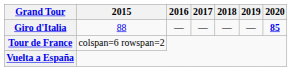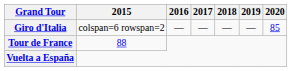 <table class="wikitable plainrowheaders">
 <tr>
 <th scope="col"><a href='#'>Grand Tour</a></th>
 <th scope="col">2015</th>
 <th scope="col">2016</th>
 <th scope="col">2017</th>
 <th scope="col">2018</th>
 <th scope="col">2019</th>
 <th scope="col">2020</th>
 </tr>
 <tr style="text-align:center;">
 <th scope="row"> <a href='#'>Giro d'Italia</a></th>
-<td><a href='#'>88</a></td>
+<td>colspan=6 rowspan=2 </td>
 <td>—</td>
 <td>—</td>
 <td>—</td>
 <td>—</td>
-<td><strong><a href='#'>85</a></strong></td>
+<td><a href='#'>85</a></td>
 </tr>
 <tr style="text-align:center;">
 <th scope="row"> <a href='#'>Tour de France</a></th>
-<td>colspan=6 rowspan=2 </td>
+<td><a href='#'>88</a></td>
 </tr>
 <tr style="text-align:center;">
 <th scope="row"> <a href='#'>Vuelta a España</a></th>
 </tr>
 </table>
